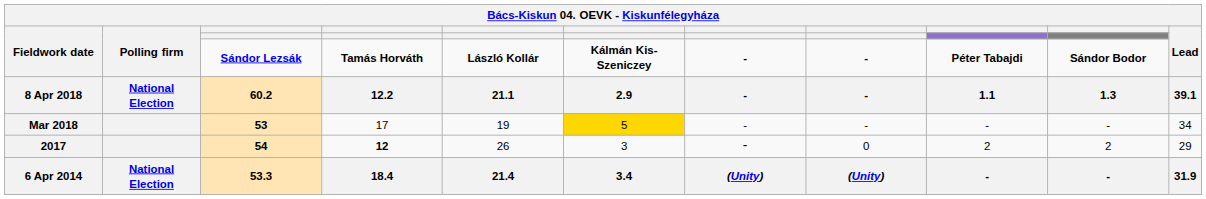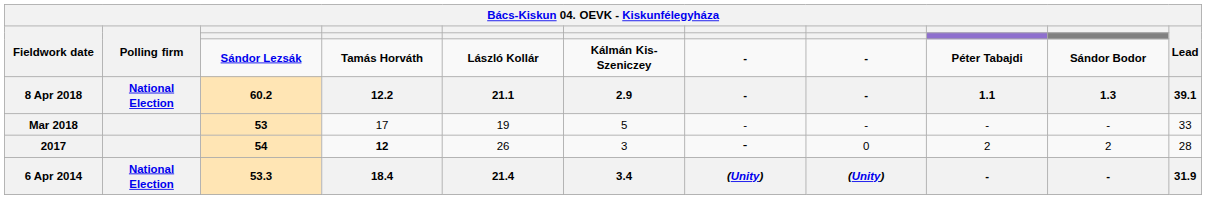 <table class="wikitable mw-collapsible mw-collapsed" style="text-align:center">
 <tr>
 <th colspan="11" style="width: 980pt;"><small><a href='#'>Bács-Kiskun</a> 04.</small> <small>OEVK - <a href='#'>Kiskunfélegyháza</a></small></th>
 </tr>
 <tr>
 <th rowspan="3" style="width: 80pt;"><small>Fieldwork</small> <small>date</small></th>
 <th rowspan="3" style="width: 80pt;"><strong><small>Polling</small> <small>firm</small></strong></th>
 <th style="width: 100pt;"><small></small></th>
 <th style="width: 100pt;"><small> </small></th>
 <th style="width: 100pt;"></th>
 <th style="width: 100pt;"></th>
 <th style="width: 100pt;"></th>
 <th style="width: 100pt;"></th>
 <th style="width: 100pt;"></th>
 <th style="width: 100pt;"></th>
 <th rowspan="3" style="width: 20pt;"><small>Lead</small></th>
 </tr>
 <tr>
 <th style="color:inherit;background:"></th>
 <th style="color:inherit;background:"></th>
 <th style="color:inherit;background:"></th>
 <th style="color:inherit;background:"></th>
 <th style="color:inherit;background:"></th>
 <th style="color:inherit;background:"></th>
 <th style="color:inherit;background:#8E6FCE;"></th>
 <th style="color:inherit;background:#808080;"></th>
 </tr>
 <tr>
 <td><strong><small><a href='#'>Sándor Lezsák</a></small></strong></td>
 <td><strong><small>Tamás Horváth</small></strong></td>
 <td><strong><small>László Kollár</small></strong></td>
 <td><strong><small>Kálmán</small></strong> <strong><small>Kis-Szeniczey</small></strong></td>
 <td><strong><small>-</small></strong></td>
 <td><strong><small>-</small></strong></td>
 <td><strong><small>Péter Tabajdi</small></strong></td>
 <td><strong><small>Sándor Bodor</small></strong></td>
 </tr>
 <tr>
 <th><small>8 Apr 2018</small></th>
 <th><a href='#'><small>National Election</small></a></th>
 <th style="background:#FFE5B4"><small>60.2</small></th>
 <th><small>12.2</small></th>
 <th><small>21.1</small></th>
 <th><small>2.9</small></th>
 <th><small>-</small></th>
 <th><small>-</small></th>
 <th><small>1.1</small></th>
 <th><small>1.3</small></th>
 <th style="background:"><small>39.1</small></th>
 </tr>
 <tr>
 <th><small>Mar 2018</small></th>
 <th><small></small></th>
 <td style="background:#FFE5B4"><strong><small>53</small></strong></td>
 <td><small>17</small></td>
 <td><small>19</small></td>
-<td style="background: gold;"><small>5</small></td>
+<td><small>5</small></td>
 <td><small>-</small></td>
 <td><small>-</small></td>
 <td><small>-</small></td>
 <td><small>-</small></td>
-<td style="background:"><small>34</small></td>
+<td style="background:"><small>33</small></td>
 </tr>
 <tr>
 <th><small>2017</small></th>
 <th><small></small></th>
 <td style="background:#FFE5B4"><strong><small>54</small></strong></td>
 <td><strong><small>12</small></strong></td>
 <td><small>26</small></td>
 <td><small>3</small></td>
 <td>-</td>
 <td><small>0</small></td>
 <td><small>2</small></td>
 <td><small>2</small></td>
-<td style="background:"><small>29</small></td>
+<td style="background:"><small>28</small></td>
 </tr>
 <tr>
 <th><small>6 Apr 2014</small></th>
 <th><a href='#'><small>National Election</small></a></th>
 <th style="background:#FFE5B4"><strong><small>53.3</small></strong></th>
 <th><small>18.4</small></th>
 <th><small>21.4</small></th>
 <th><small>3.4</small></th>
 <th><small><em>(<a href='#'>Unity</a>)</em></small></th>
 <th><small><em>(<a href='#'>Unity</a>)</em></small></th>
 <th><small>-</small></th>
 <th><small>-</small></th>
 <th style="background:"><small>31.9</small></th>
 </tr>
 </table>
